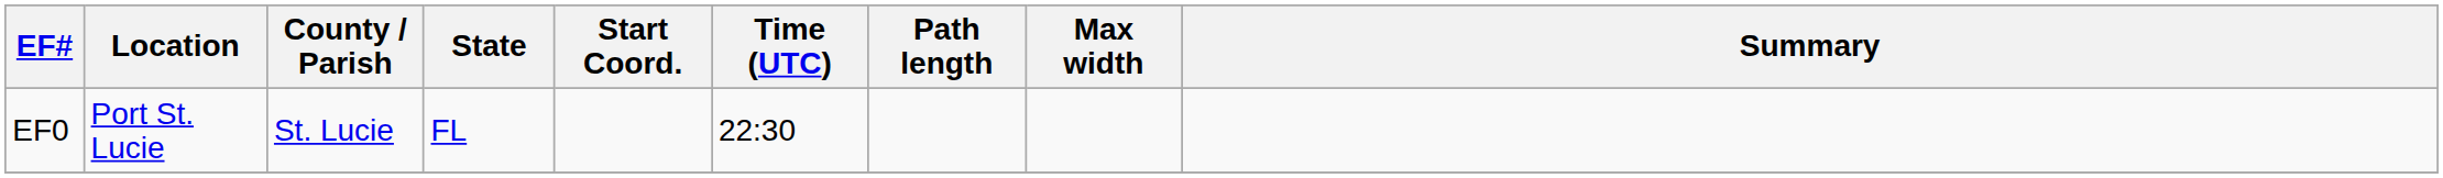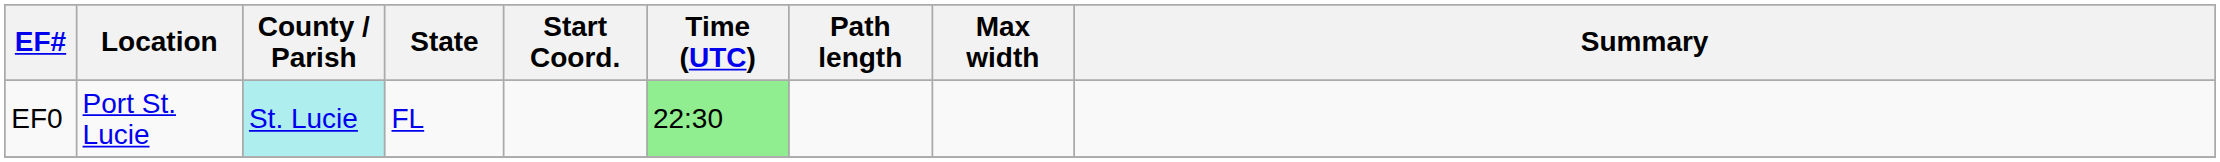 <table class="wikitable sortable" style="width:100%;">
 <tr>
 <th scope="col"  style="width:3%; text-align:center;"><a href='#'>EF#</a></th>
 <th scope="col"  style="width:7%; text-align:center;" class="unsortable">Location</th>
 <th scope="col"  style="width:6%; text-align:center;" class="unsortable">County / Parish</th>
 <th scope="col"  style="width:5%; text-align:center;">State</th>
 <th scope="col"  style="width:6%; text-align:center;">Start Coord.</th>
 <th scope="col"  style="width:6%; text-align:center;">Time (<a href='#'>UTC</a>)</th>
 <th scope="col"  style="width:6%; text-align:center;">Path length</th>
 <th scope="col"  style="width:6%; text-align:center;">Max width</th>
 <th scope="col" class="unsortable" style="width:48%; text-align:center;">Summary</th>
 </tr>
 <tr>
 <td>EF0</td>
 <td><a href='#'>Port St. Lucie</a></td>
-<td><a href='#'>St. Lucie</a></td>
+<td style="background: paleturquoise;"><a href='#'>St. Lucie</a></td>
 <td><a href='#'>FL</a></td>
 <td></td>
-<td>22:30</td>
+<td style="background: lightgreen;">22:30</td>
 <td></td>
 <td></td>
 <td></td>
 </tr>
 <tr>
 </tr>
 </table>
